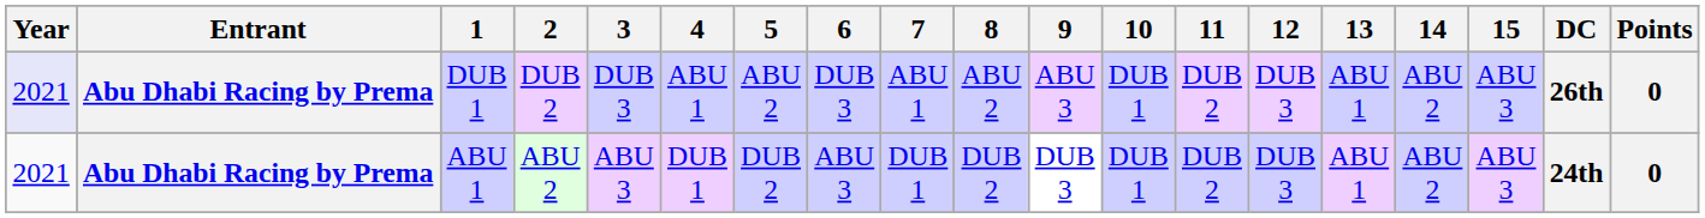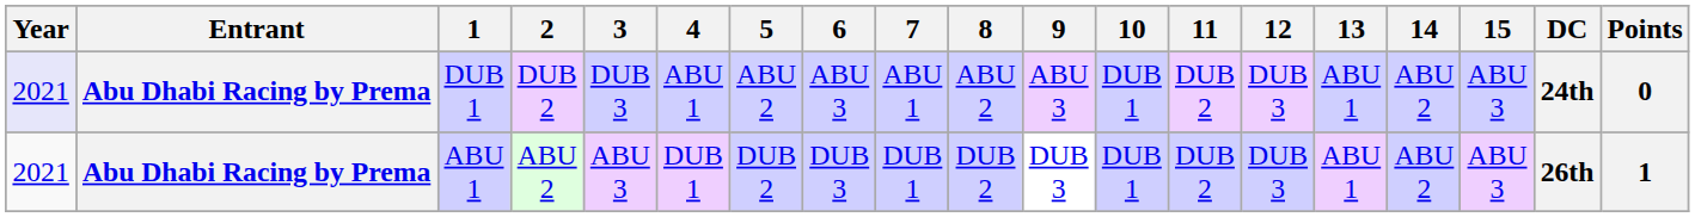 <table class="wikitable" style="text-align:center; font-size:85%">
 <tr>
 <th>Year</th>
 <th>Entrant</th>
 <th>1</th>
 <th>2</th>
 <th>3</th>
 <th>4</th>
 <th>5</th>
 <th>6</th>
 <th>7</th>
 <th>8</th>
 <th>9</th>
 <th>10</th>
 <th>11</th>
 <th>12</th>
 <th>13</th>
 <th>14</th>
 <th>15</th>
 <th>DC</th>
 <th>Points</th>
 </tr>
 <tr>
 <td style="background: lavender;"><a href='#'>2021</a></td>
 <th nowrap><a href='#'>Abu Dhabi Racing by Prema</a></th>
 <td style="background:#CFCFFF;"><a href='#'>DUB<br>1</a><br></td>
 <td style="background:#EFCFFF;"><a href='#'>DUB<br>2</a><br></td>
 <td style="background:#CFCFFF;"><a href='#'>DUB<br>3</a><br></td>
 <td style="background:#CFCFFF;"><a href='#'>ABU<br>1</a><br></td>
 <td style="background:#CFCFFF;"><a href='#'>ABU<br>2</a><br></td>
-<td style="background:#CFCFFF;"><a href='#'>DUB<br>3</a><br></td>
+<td style="background:#CFCFFF;"><a href='#'>ABU<br>3</a><br></td>
 <td style="background:#CFCFFF;"><a href='#'>ABU<br>1</a><br></td>
 <td style="background:#CFCFFF;"><a href='#'>ABU<br>2</a><br></td>
 <td style="background:#EFCFFF;"><a href='#'>ABU<br>3</a><br></td>
 <td style="background:#CFCFFF;"><a href='#'>DUB<br>1</a><br></td>
 <td style="background:#EFCFFF;"><a href='#'>DUB<br>2</a><br></td>
 <td style="background:#EFCFFF;"><a href='#'>DUB<br>3</a><br></td>
 <td style="background:#CFCFFF;"><a href='#'>ABU<br>1</a><br></td>
 <td style="background:#CFCFFF;"><a href='#'>ABU<br>2</a><br></td>
 <td style="background:#CFCFFF;"><a href='#'>ABU<br>3</a><br></td>
-<th>26th</th>
+<th>24th</th>
 <th>0</th>
 </tr>
 <tr>
 <td><a href='#'>2021</a></td>
 <th nowrap><a href='#'>Abu Dhabi Racing by Prema</a></th>
 <td style="background:#CFCFFF;"><a href='#'>ABU<br>1</a><br></td>
 <td style="background:#DFFFDF;"><a href='#'>ABU<br>2</a><br></td>
 <td style="background:#EFCFFF;"><a href='#'>ABU<br>3</a><br></td>
 <td style="background:#EFCFFF;"><a href='#'>DUB<br>1</a><br></td>
 <td style="background:#CFCFFF;"><a href='#'>DUB<br>2</a><br></td>
-<td style="background:#CFCFFF;"><a href='#'>ABU<br>3</a><br></td>
+<td style="background:#CFCFFF;"><a href='#'>DUB<br>3</a><br></td>
 <td style="background:#CFCFFF;"><a href='#'>DUB<br>1</a><br></td>
 <td style="background:#CFCFFF;"><a href='#'>DUB<br>2</a><br></td>
 <td style="background:#FFFFFF;"><a href='#'>DUB<br>3</a><br></td>
 <td style="background:#CFCFFF;"><a href='#'>DUB<br>1</a><br></td>
 <td style="background:#CFCFFF;"><a href='#'>DUB<br>2</a><br></td>
 <td style="background:#CFCFFF;"><a href='#'>DUB<br>3</a><br></td>
 <td style="background:#EFCFFF;"><a href='#'>ABU<br>1</a><br></td>
 <td style="background:#CFCFFF;"><a href='#'>ABU<br>2</a><br></td>
 <td style="background:#EFCFFF;"><a href='#'>ABU<br>3</a><br></td>
-<th>24th</th>
-<th>0</th>
+<th>26th</th>
+<th>1</th>
 </tr>
 </table>
